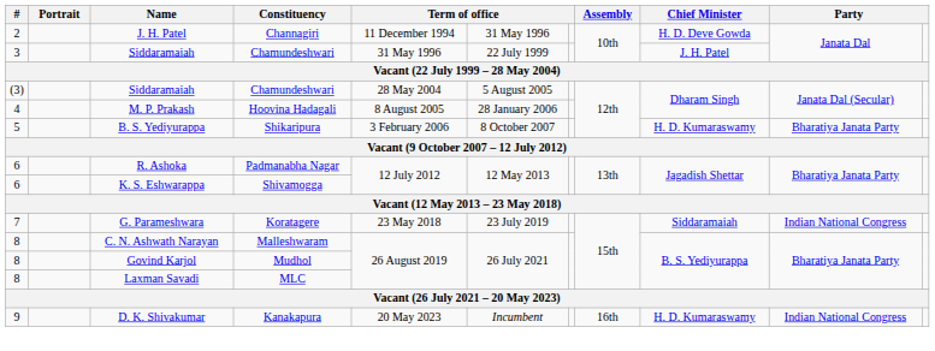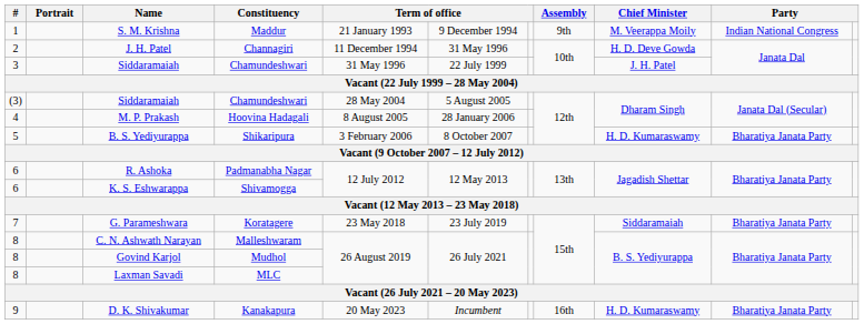 <table class="wikitable" style="text-align:center;width:98%;margin-top:0.5em;">
 <tr>
 <th>#</th>
 <th width="75">Portrait</th>
 <th>Name</th>
 <th>Constituency</th>
 <th colspan="3">Term of office</th>
 <th><a href='#'>Assembly</a><br></th>
 <th><a href='#'>Chief Minister</a></th>
 <th colspan="2">Party</th>
+</tr>
+<tr>
+<td>1</td>
+<td></td>
+<td><a href='#'>S. M. Krishna</a></td>
+<td><a href='#'>Maddur</a></td>
+<td>21 January 1993</td>
+<td>9 December 1994</td>
+<td></td>
+<td>9th<br></td>
+<td><a href='#'>M. Veerappa Moily</a></td>
+<td><a href='#'>Indian National Congress</a></td>
+<td style="background:"></td>
 </tr>
 <tr>
 <td>2</td>
 <td></td>
 <td><a href='#'>J. H. Patel</a></td>
 <td><a href='#'>Channagiri</a></td>
 <td>11 December 1994</td>
 <td>31 May 1996</td>
 <td></td>
 <td rowspan="2">10th<br></td>
 <td><a href='#'>H. D. Deve Gowda</a></td>
 <td rowspan=2><a href='#'>Janata Dal</a></td>
 <td rowspan=2 style="background:"></td>
 </tr>
 <tr>
 <td>3</td>
 <td></td>
 <td><a href='#'>Siddaramaiah</a></td>
 <td><a href='#'>Chamundeshwari</a></td>
 <td>31 May 1996</td>
 <td>22 July 1999</td>
 <td></td>
 <td><a href='#'>J. H. Patel</a></td>
 </tr>
 <tr>
 <th colspan="11">Vacant (22 July 1999 – 28 May 2004)</th>
 </tr>
 <tr>
 <td>(3)</td>
 <td></td>
 <td><a href='#'>Siddaramaiah</a></td>
 <td><a href='#'>Chamundeshwari</a></td>
 <td>28 May 2004</td>
 <td>5 August 2005</td>
 <td></td>
 <td rowspan="3">12th<br></td>
 <td rowspan="2"><a href='#'>Dharam Singh</a></td>
 <td rowspan="2"><a href='#'>Janata Dal (Secular)</a></td>
 <td rowspan="2" style="background:"></td>
 </tr>
 <tr>
 <td>4</td>
 <td></td>
 <td><a href='#'>M. P. Prakash</a><br></td>
 <td><a href='#'>Hoovina Hadagali</a></td>
 <td>8 August 2005</td>
 <td>28 January 2006</td>
 <td></td>
 </tr>
 <tr>
 <td>5</td>
 <td></td>
 <td><a href='#'>B. S. Yediyurappa</a></td>
 <td><a href='#'>Shikaripura</a></td>
 <td>3 February 2006</td>
 <td>8 October 2007</td>
 <td></td>
 <td><a href='#'>H. D. Kumaraswamy</a></td>
 <td><a href='#'>Bharatiya Janata Party</a></td>
 <td style="background:"></td>
 </tr>
 <tr>
 <th colspan="11">Vacant (9 October 2007 – 12 July 2012)</th>
 </tr>
 <tr>
 <td>6</td>
 <td></td>
 <td><a href='#'>R. Ashoka</a></td>
 <td><a href='#'>Padmanabha Nagar</a></td>
 <td rowspan="2">12 July 2012</td>
 <td rowspan="2">12 May 2013</td>
 <td rowspan="2"></td>
 <td rowspan="2">13th<br></td>
 <td rowspan="2"><a href='#'>Jagadish Shettar</a></td>
 <td rowspan="2"><a href='#'>Bharatiya Janata Party</a></td>
 <td rowspan="2" style="background:"></td>
 </tr>
 <tr>
 <td>6</td>
 <td></td>
 <td><a href='#'>K. S. Eshwarappa</a></td>
 <td><a href='#'>Shivamogga</a></td>
 </tr>
 <tr>
 <th colspan="11">Vacant (12 May 2013 – 23 May 2018)</th>
 </tr>
 <tr>
 <td>7</td>
 <td></td>
 <td><a href='#'>G. Parameshwara</a></td>
 <td><a href='#'>Koratagere</a></td>
 <td>23 May 2018</td>
 <td>23 July 2019</td>
 <td></td>
 <td rowspan="4">15th<br></td>
 <td><a href='#'>Siddaramaiah</a></td>
-<td><a href='#'>Indian National Congress</a></td>
+<td><a href='#'>Bharatiya Janata Party</a></td>
 <td style="background:"></td>
 </tr>
 <tr>
 <td>8</td>
 <td></td>
 <td><a href='#'>C. N. Ashwath Narayan</a></td>
 <td><a href='#'>Malleshwaram</a></td>
 <td rowspan="3">26 August 2019</td>
 <td rowspan="3">26 July 2021</td>
 <td rowspan="3"></td>
 <td rowspan="3"><a href='#'>B. S. Yediyurappa</a></td>
 <td rowspan="3"><a href='#'>Bharatiya Janata Party</a></td>
 <td rowspan="3" style="background:"></td>
 </tr>
 <tr>
 <td>8</td>
 <td></td>
 <td><a href='#'>Govind Karjol</a></td>
 <td><a href='#'>Mudhol</a></td>
 </tr>
 <tr>
 <td>8</td>
 <td></td>
 <td><a href='#'>Laxman Savadi</a></td>
 <td><a href='#'>MLC</a></td>
 </tr>
 <tr>
 <th colspan="11">Vacant (26 July 2021 – 20 May 2023)</th>
 </tr>
 <tr>
 <td>9</td>
 <td></td>
 <td><a href='#'>D. K. Shivakumar</a></td>
 <td><a href='#'>Kanakapura</a></td>
 <td>20 May 2023</td>
 <td><em>Incumbent</em></td>
 <td></td>
 <td>16th<br></td>
 <td><a href='#'>H. D. Kumaraswamy</a></td>
-<td><a href='#'>Indian National Congress</a></td>
+<td><a href='#'>Bharatiya Janata Party</a></td>
 <td style="background:"></td>
 </tr>
 </table>
